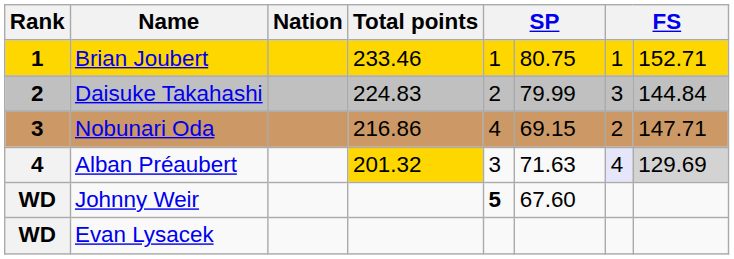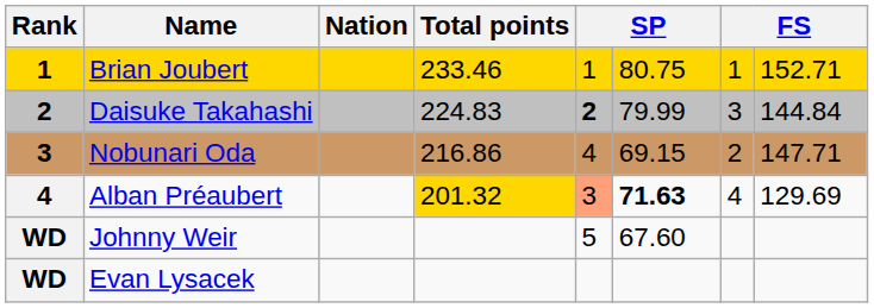 <table class="wikitable">
 <tr>
 <th>Rank</th>
 <th>Name</th>
 <th>Nation</th>
 <th>Total points</th>
 <th colspan="2" width="80px"><a href='#'>SP</a></th>
 <th colspan="2" width="80px"><a href='#'>FS</a></th>
 </tr>
 <tr bgcolor="gold">
 <td align="center"><strong>1</strong></td>
 <td><a href='#'>Brian Joubert</a></td>
 <td></td>
 <td>233.46</td>
 <td>1</td>
 <td>80.75</td>
 <td>1</td>
 <td>152.71</td>
 </tr>
 <tr bgcolor="silver">
 <td align="center"><strong>2</strong></td>
 <td><a href='#'>Daisuke Takahashi</a></td>
 <td></td>
 <td>224.83</td>
-<td>2</td>
+<td><strong>2</strong></td>
 <td>79.99</td>
 <td>3</td>
 <td>144.84</td>
 </tr>
 <tr bgcolor="cc9966">
 <td align="center"><strong>3</strong></td>
 <td><a href='#'>Nobunari Oda</a></td>
 <td></td>
 <td>216.86</td>
 <td>4</td>
 <td>69.15</td>
 <td>2</td>
 <td>147.71</td>
 </tr>
 <tr>
 <th>4</th>
 <td><a href='#'>Alban Préaubert</a></td>
 <td></td>
 <td style="background: gold;">201.32</td>
-<td>3</td>
-<td>71.63</td>
-<td style="background: lavender;">4</td>
-<td style="background: lightgrey;">129.69</td>
+<td style="background: lightsalmon;">3</td>
+<td><strong>71.63</strong></td>
+<td>4</td>
+<td>129.69</td>
 </tr>
 <tr>
 <th>WD</th>
 <td><a href='#'>Johnny Weir</a></td>
 <td></td>
 <td></td>
-<td><strong>5</strong></td>
+<td>5</td>
 <td>67.60</td>
 <td></td>
 <td></td>
 </tr>
 <tr>
 <th>WD</th>
 <td><a href='#'>Evan Lysacek</a></td>
 <td></td>
 <td></td>
 <td></td>
 <td></td>
 <td></td>
 <td></td>
 </tr>
 </table>
